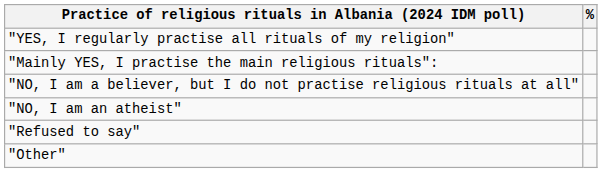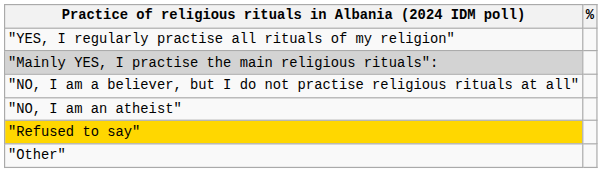 <table class="wikitable float" style="font-size: 90%">
 <tr>
 <th>Practice of religious rituals in Albania (2024 IDM poll)</th>
 <th colspan="2">%</th>
 </tr>
 <tr>
 <td>"YES, I regularly practise all rituals of my religion"</td>
 <td align=right> </td>
 </tr>
 <tr>
-<td>"Mainly YES, I practise the main religious rituals":</td>
+<td style="background: lightgrey;">"Mainly YES, I practise the main religious rituals":</td>
 <td align=right> </td>
 </tr>
 <tr>
 <td>"NO, I am a believer, but I do not practise religious rituals at all"</td>
 <td align=right> </td>
 </tr>
 <tr>
 <td>"NO, I am an atheist"</td>
 <td align=right> </td>
 </tr>
 <tr>
-<td>"Refused to say"</td>
+<td style="background: gold;">"Refused to say"</td>
 <td align=right> </td>
 </tr>
 <tr>
 <td>"Other"</td>
 <td align=right> </td>
 </tr>
 </table>
